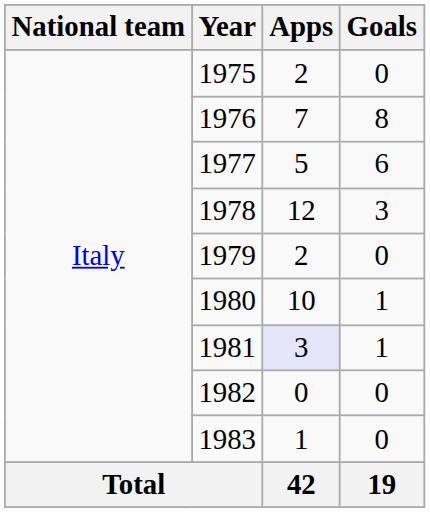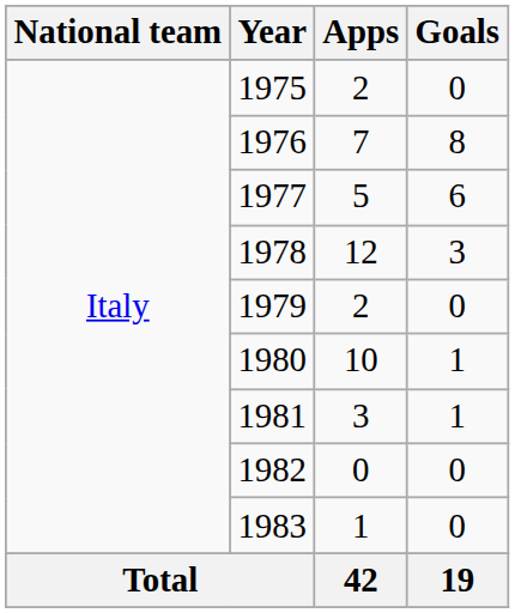 <table class="wikitable" style="text-align:center">
 <tr>
 <th>National team</th>
 <th>Year</th>
 <th>Apps</th>
 <th>Goals</th>
 </tr>
 <tr>
 <td rowspan="9"><a href='#'>Italy</a></td>
 <td>1975</td>
 <td>2</td>
 <td>0</td>
 </tr>
 <tr>
 <td>1976</td>
 <td>7</td>
 <td>8</td>
 </tr>
 <tr>
 <td>1977</td>
 <td>5</td>
 <td>6</td>
 </tr>
 <tr>
 <td>1978</td>
 <td>12</td>
 <td>3</td>
 </tr>
 <tr>
 <td>1979</td>
 <td>2</td>
 <td>0</td>
 </tr>
 <tr>
 <td>1980</td>
 <td>10</td>
 <td>1</td>
 </tr>
 <tr>
 <td>1981</td>
-<td style="background: lavender;">3</td>
+<td>3</td>
 <td>1</td>
 </tr>
 <tr>
 <td>1982</td>
 <td>0</td>
 <td>0</td>
 </tr>
 <tr>
 <td>1983</td>
 <td>1</td>
 <td>0</td>
 </tr>
 <tr>
 <th colspan="2">Total</th>
 <th>42</th>
 <th>19</th>
 </tr>
 </table>
